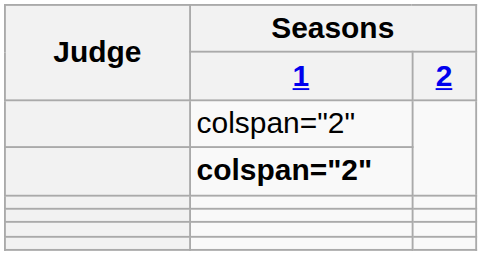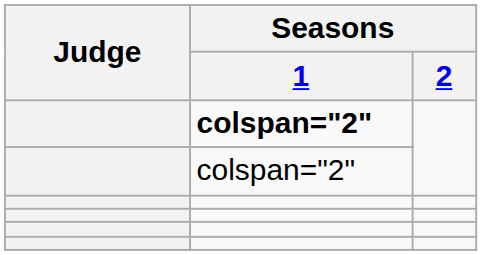 <table class="wikitable" style="width:20%">
 <tr>
 <th rowspan="2" style="width:10%">Judge</th>
 <th colspan="2">Seasons</th>
 </tr>
 <tr>
 <th style="width:4%"><a href='#'>1</a></th>
 <th style="width:4%"><a href='#'>2</a></th>
 </tr>
 <tr>
 <th scope="row" style="text-align:center"></th>
-<td>colspan="2" </td>
+<td><strong>colspan="2" </strong></td>
 </tr>
 <tr>
 <th scope="row" style="text-align:center"></th>
-<td><strong>colspan="2" </strong></td>
+<td>colspan="2" </td>
 </tr>
 <tr>
 <th scope="row" style="text-align:center"></th>
 <td></td>
 <td></td>
 </tr>
 <tr>
 <th scope="row" style="text-align:center"></th>
 <td></td>
 <td></td>
 </tr>
 <tr>
 <th scope="row" style="text-align:center"></th>
 <td></td>
 <td></td>
 </tr>
 <tr>
 <th scope="row" style="text-align:center"></th>
 <td></td>
 <td></td>
 </tr>
 </table>
